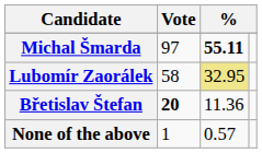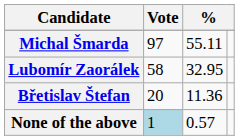 <table class="wikitable">
 <tr>
 <th>Candidate</th>
 <th>Vote</th>
 <th colspan="3">%</th>
 </tr>
 <tr>
 </tr>
 <tr>
 <th><a href='#'>Michal Šmarda</a></th>
 <td>97</td>
-<td><strong>55.11</strong></td>
+<td>55.11</td>
 <td></td>
 </tr>
 <tr>
 <th><a href='#'>Lubomír Zaorálek</a></th>
 <td>58</td>
-<td style="background: khaki;">32.95</td>
+<td>32.95</td>
 <td></td>
 </tr>
 <tr>
 <th><a href='#'>Břetislav Štefan</a></th>
-<td><strong>20</strong></td>
+<td>20</td>
 <td>11.36</td>
 <td></td>
 </tr>
 <tr>
 <th>None of the above</th>
-<td>1</td>
+<td style="background: lightblue;">1</td>
 <td>0.57</td>
 <td></td>
 </tr>
 </table>
